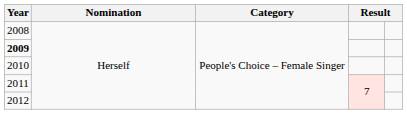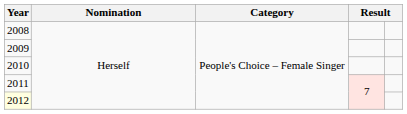 <table class="wikitable" style="text-align:center;">
 <tr>
 <th width=5>Year</th>
 <th width=230>Nomination</th>
 <th width=215>Category</th>
 <th width=70 colspan=2>Result</th>
 </tr>
 <tr>
 <td>2008</td>
 <td rowspan=5>Herself</td>
 <td rowspan=5>People's Choice – Female Singer</td>
 <td></td>
 <td align=center></td>
 </tr>
 <tr>
-<td><strong>2009</strong></td>
+<td>2009</td>
 <td></td>
 <td align=center></td>
 </tr>
 <tr>
 <td>2010</td>
 <td></td>
 <td align=center></td>
 </tr>
 <tr>
 <td>2011</td>
 <td style=background:#FFE4E1; rowspan=2>7</td>
 <td align=center></td>
 </tr>
 <tr>
-<td>2012</td>
+<td style="background: lightyellow;">2012</td>
 <td align=center></td>
 </tr>
 </table>
